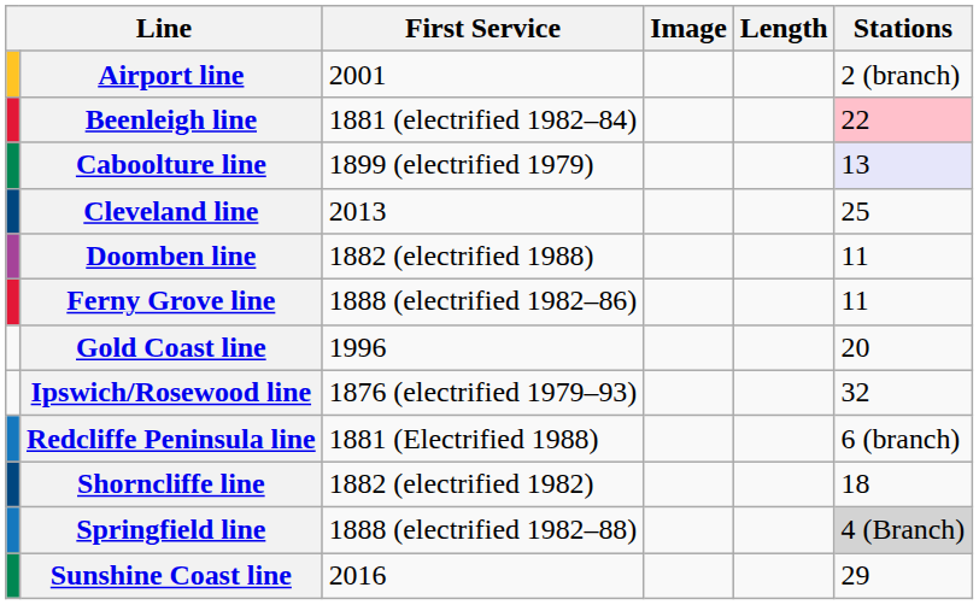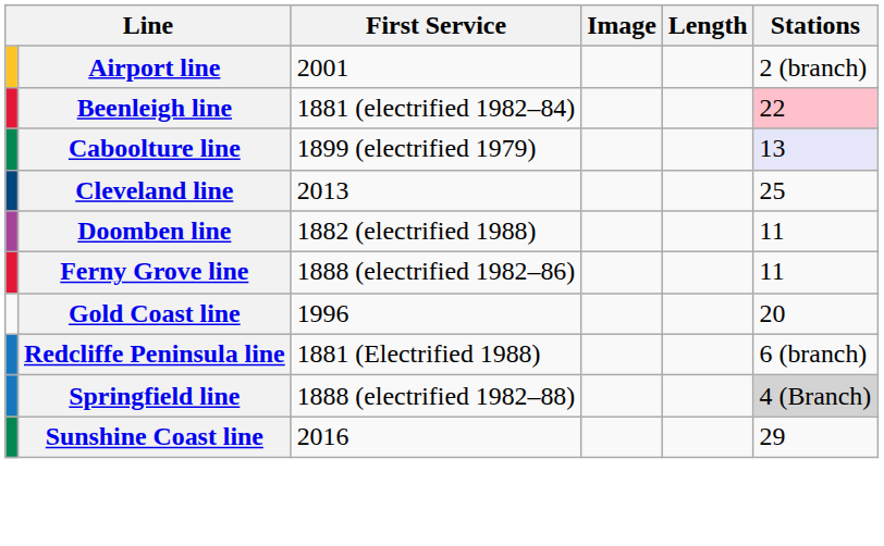 <table class="wikitable sortable">
 <tr>
 <th colspan="2">Line</th>
 <th>First Service</th>
 <th>Image</th>
 <th>Length</th>
 <th>Stations</th>
 </tr>
 <tr>
 <td style="background-color:#FFC425;" width="0.5em"></td>
 <th><a href='#'>Airport line</a></th>
 <td>2001</td>
 <td></td>
 <td></td>
 <td>2 (branch)</td>
 </tr>
 <tr>
 <td style="background-color:#E31837;" width="0.5em"></td>
 <th><a href='#'>Beenleigh line</a></th>
 <td>1881 (electrified 1982–84)</td>
 <td></td>
 <td></td>
 <td style="background: pink;">22</td>
 </tr>
 <tr>
 <td style="background-color:#008752;" width="0.5em"></td>
 <th><a href='#'>Caboolture line</a></th>
 <td>1899 (electrified 1979)</td>
 <td></td>
 <td></td>
 <td style="background: lavender;">13</td>
 </tr>
 <tr>
 <td style="background-color:#00467F;" width="0.5em"></td>
 <th><a href='#'>Cleveland line</a></th>
 <td>2013</td>
 <td></td>
 <td></td>
 <td>25</td>
 </tr>
 <tr>
 <td style="background-color:#A54399;" width="0.5em"></td>
 <th><a href='#'>Doomben line</a></th>
 <td>1882 (electrified 1988)</td>
 <td></td>
 <td></td>
 <td>11</td>
 </tr>
 <tr>
 <td style="background-color:#E31837;"width="0.5em"></td>
 <th><a href='#'>Ferny Grove line</a></th>
 <td>1888 (electrified 1982–86)</td>
 <td></td>
 <td></td>
 <td>11</td>
 </tr>
 <tr>
 <td style="background-color:#"></td>
 <th><a href='#'>Gold Coast line</a></th>
 <td>1996</td>
 <td></td>
 <td></td>
 <td>20</td>
 </tr>
 <tr>
-<td style="background-color:#"></td>
-<th><a href='#'>Ipswich/Rosewood line</a></th>
-<td>1876 (electrified 1979–93)</td>
-<td></td>
-<td></td>
-<td>32</td>
-</tr>
-<tr>
 <td style="background-color:#1578BE;"width="0.5em"></td>
 <th><a href='#'>Redcliffe Peninsula line</a></th>
 <td>1881 (Electrified 1988)</td>
 <td></td>
 <td></td>
 <td>6 (branch)</td>
-</tr>
-<tr>
-<td style="background-color:#00467F;"width="0.5em"></td>
-<th><a href='#'>Shorncliffe line</a></th>
-<td>1882 (electrified 1982)</td>
-<td></td>
-<td></td>
-<td>18</td>
 </tr>
 <tr>
 <td style="background-color:#1578BE;"width="0.5em"></td>
 <th><a href='#'>Springfield line</a></th>
 <td>1888 (electrified 1982–88)</td>
 <td></td>
 <td></td>
 <td style="background: lightgrey;">4 (Branch)</td>
 </tr>
 <tr>
 <td style="background-color:#008752;"width="0.5em"></td>
 <th><a href='#'>Sunshine Coast line</a></th>
 <td>2016</td>
 <td></td>
 <td></td>
 <td>29</td>
 </tr>
 </table>
